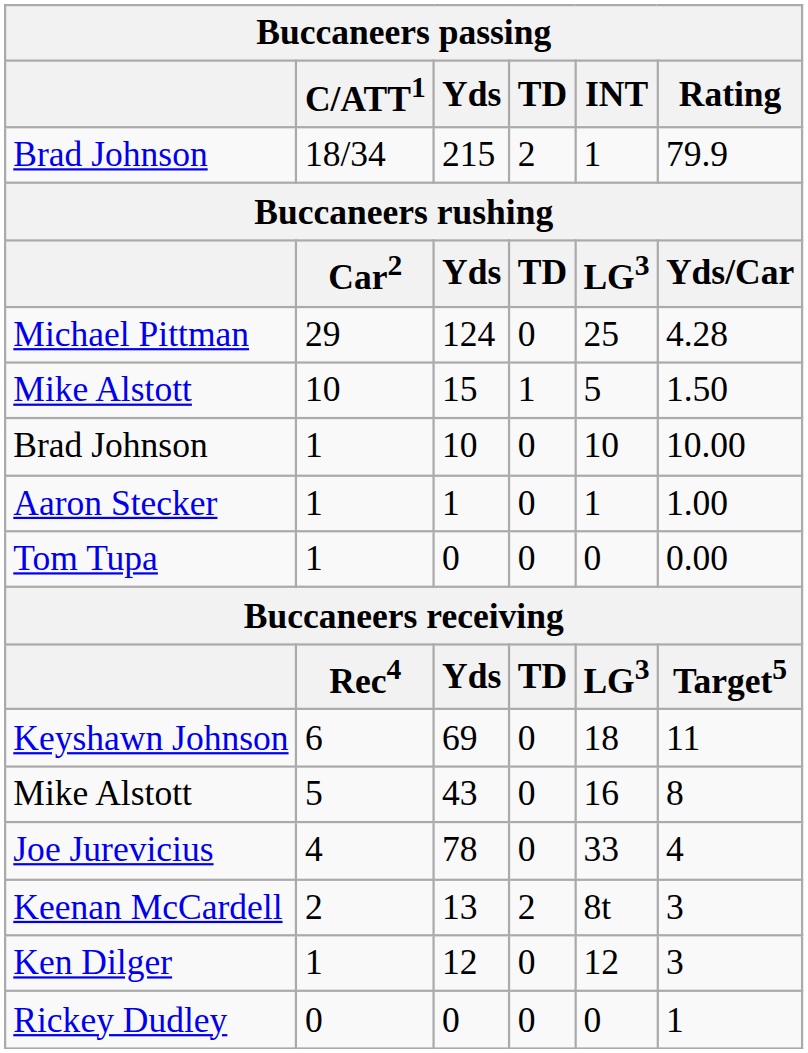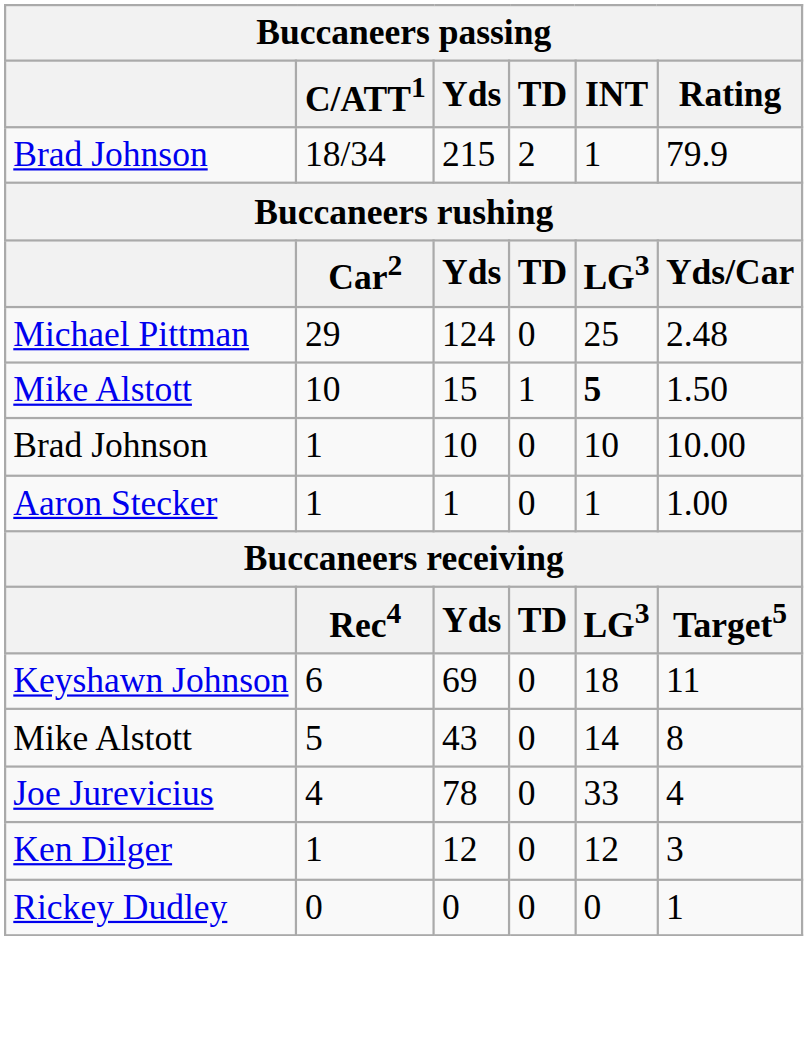 <table class="wikitable">
 <tr>
 <th colspan="6">Buccaneers passing</th>
 </tr>
 <tr>
 <th></th>
 <th>C/ATT<sup>1</sup></th>
 <th>Yds</th>
 <th>TD</th>
 <th>INT</th>
 <th>Rating</th>
 </tr>
 <tr>
 <td><a href='#'>Brad Johnson</a></td>
 <td>18/34</td>
 <td>215</td>
 <td>2</td>
 <td>1</td>
 <td>79.9</td>
 </tr>
 <tr>
 <th colspan="6">Buccaneers rushing</th>
 </tr>
 <tr>
 <th></th>
 <th>Car<sup>2</sup></th>
 <th>Yds</th>
 <th>TD</th>
 <th>LG<sup>3</sup></th>
 <th>Yds/Car</th>
 </tr>
 <tr>
 <td><a href='#'>Michael Pittman</a></td>
 <td>29</td>
 <td>124</td>
 <td>0</td>
 <td>25</td>
-<td>4.28</td>
+<td>2.48</td>
 </tr>
 <tr>
 <td><a href='#'>Mike Alstott</a></td>
 <td>10</td>
 <td>15</td>
 <td>1</td>
-<td>5</td>
+<td><strong>5</strong></td>
 <td>1.50</td>
 </tr>
 <tr>
 <td>Brad Johnson</td>
 <td>1</td>
 <td>10</td>
 <td>0</td>
 <td>10</td>
 <td>10.00</td>
 </tr>
 <tr>
 <td><a href='#'>Aaron Stecker</a></td>
 <td>1</td>
 <td>1</td>
 <td>0</td>
 <td>1</td>
 <td>1.00</td>
-</tr>
-<tr>
-<td><a href='#'>Tom Tupa</a></td>
-<td>1</td>
-<td>0</td>
-<td>0</td>
-<td>0</td>
-<td>0.00</td>
 </tr>
 <tr>
 <th colspan="6">Buccaneers receiving</th>
 </tr>
 <tr>
 <th></th>
 <th>Rec<sup>4</sup></th>
 <th>Yds</th>
 <th>TD</th>
 <th>LG<sup>3</sup></th>
 <th>Target<sup>5</sup></th>
 </tr>
 <tr>
 <td><a href='#'>Keyshawn Johnson</a></td>
 <td>6</td>
 <td>69</td>
 <td>0</td>
 <td>18</td>
 <td>11</td>
 </tr>
 <tr>
 <td>Mike Alstott</td>
 <td>5</td>
 <td>43</td>
 <td>0</td>
-<td>16</td>
+<td>14</td>
 <td>8</td>
 </tr>
 <tr>
 <td><a href='#'>Joe Jurevicius</a></td>
 <td>4</td>
 <td>78</td>
 <td>0</td>
 <td>33</td>
 <td>4</td>
-</tr>
-<tr>
-<td><a href='#'>Keenan McCardell</a></td>
-<td>2</td>
-<td>13</td>
-<td>2</td>
-<td>8t</td>
-<td>3</td>
 </tr>
 <tr>
 <td><a href='#'>Ken Dilger</a></td>
 <td>1</td>
 <td>12</td>
 <td>0</td>
 <td>12</td>
 <td>3</td>
 </tr>
 <tr>
 <td><a href='#'>Rickey Dudley</a></td>
 <td>0</td>
 <td>0</td>
 <td>0</td>
 <td>0</td>
 <td>1</td>
 </tr>
 </table>
